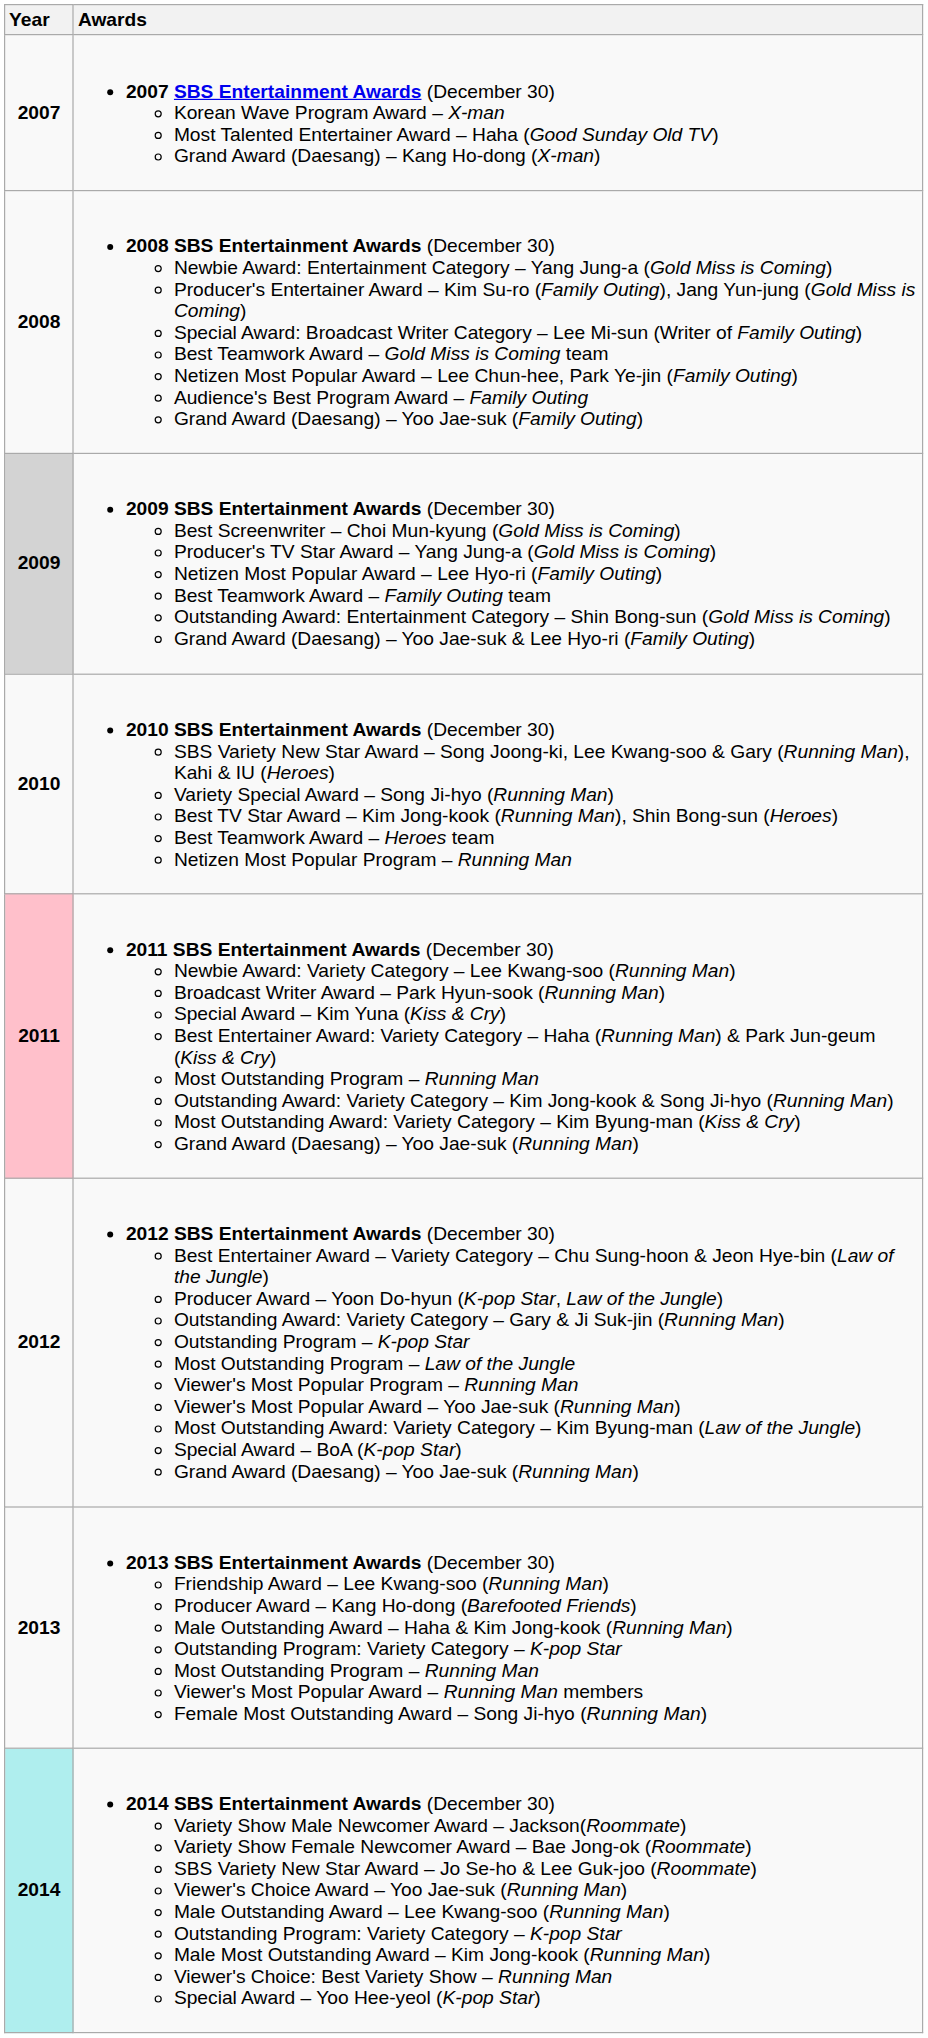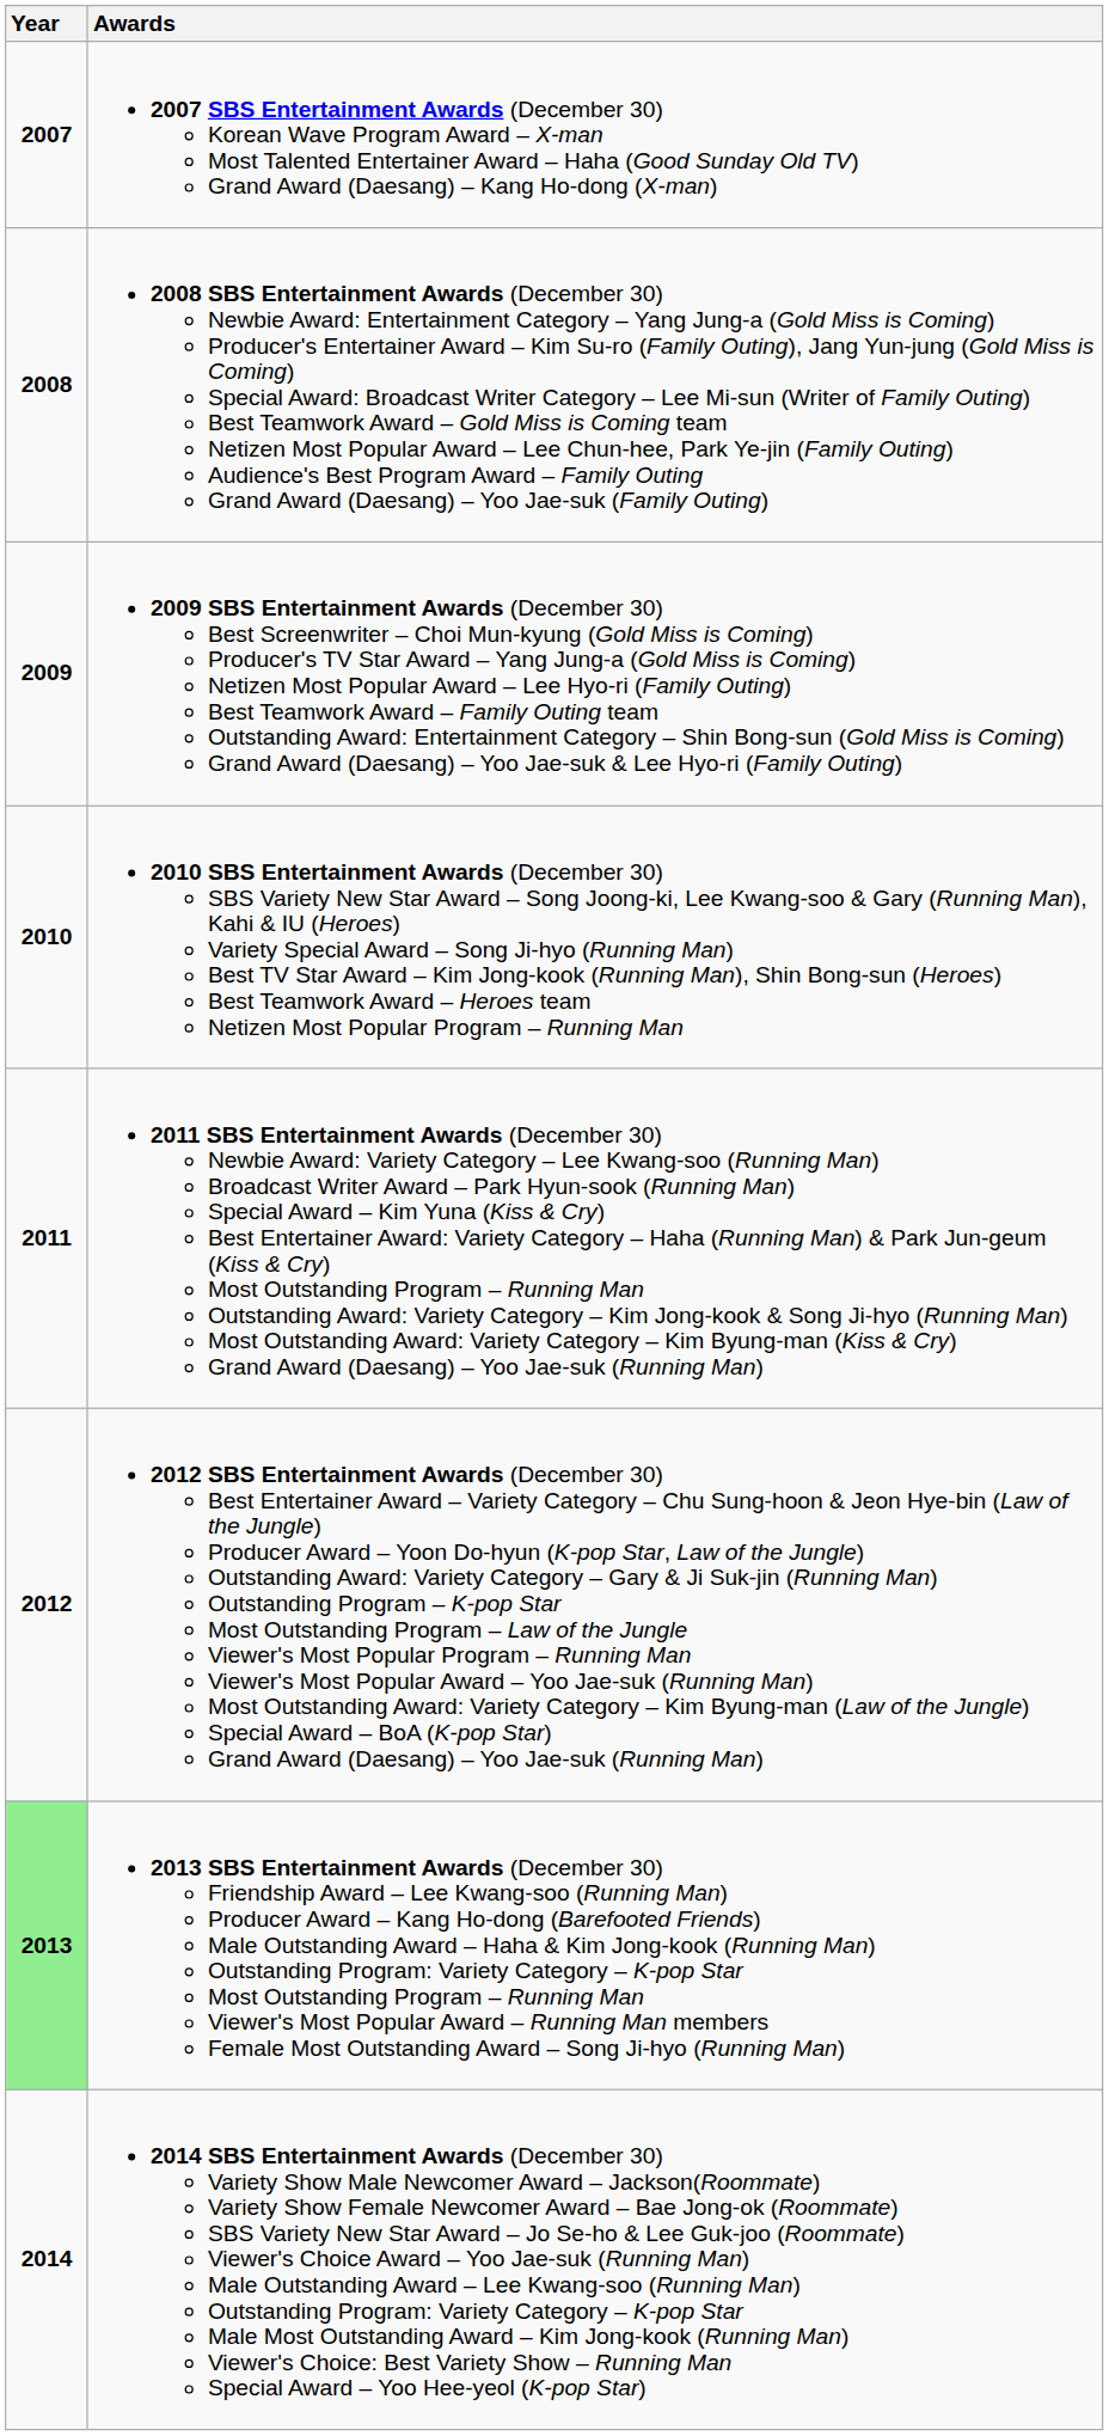 <table class="wikitable">
 <tr>
 <th style="text-align:left; width:50px;">Year</th>
 <th style="text-align:left; width:700px;">Awards</th>
 </tr>
 <tr>
 <td style="text-align:center;"><strong>2007</strong></td>
 <td align="left"><br><ul><li><strong>2007 <a href='#'>SBS Entertainment Awards</a></strong> (December 30)<ul><li>Korean Wave Program Award – <em>X-man</em></li><li>Most Talented Entertainer Award – Haha (<em>Good Sunday Old TV</em>)</li><li>Grand Award (Daesang) – Kang Ho-dong (<em>X-man</em>)</li></ul></li></ul></td>
 </tr>
 <tr>
 <td style="text-align:center;"><strong>2008</strong></td>
 <td align="left"><br><ul><li><strong>2008 SBS Entertainment Awards</strong> (December 30)<ul><li>Newbie Award: Entertainment Category – Yang Jung-a (<em>Gold Miss is Coming</em>)</li><li>Producer's Entertainer Award – Kim Su-ro (<em>Family Outing</em>), Jang Yun-jung (<em>Gold Miss is Coming</em>)</li><li>Special Award: Broadcast Writer Category – Lee Mi-sun (Writer of <em>Family Outing</em>)</li><li>Best Teamwork Award – <em>Gold Miss is Coming</em> team</li><li>Netizen Most Popular Award – Lee Chun-hee, Park Ye-jin (<em>Family Outing</em>)</li><li>Audience's Best Program Award – <em>Family Outing</em></li><li>Grand Award (Daesang) – Yoo Jae-suk (<em>Family Outing</em>)</li></ul></li></ul></td>
 </tr>
 <tr>
-<td style="background: lightgrey; text-align:center;"><strong>2009</strong></td>
+<td style="text-align:center;"><strong>2009</strong></td>
 <td align="left"><br><ul><li><strong>2009 SBS Entertainment Awards</strong> (December 30)<ul><li>Best Screenwriter – Choi Mun-kyung (<em>Gold Miss is Coming</em>)</li><li>Producer's TV Star Award – Yang Jung-a (<em>Gold Miss is Coming</em>)</li><li>Netizen Most Popular Award – Lee Hyo-ri (<em>Family Outing</em>)</li><li>Best Teamwork Award – <em>Family Outing</em> team</li><li>Outstanding Award: Entertainment Category – Shin Bong-sun (<em>Gold Miss is Coming</em>)</li><li>Grand Award (Daesang) – Yoo Jae-suk & Lee Hyo-ri (<em>Family Outing</em>)</li></ul></li></ul></td>
 </tr>
 <tr>
 <td style="text-align:center;"><strong>2010</strong></td>
 <td align="left"><br><ul><li><strong>2010 SBS Entertainment Awards</strong> (December 30)<ul><li>SBS Variety New Star Award – Song Joong-ki, Lee Kwang-soo & Gary (<em>Running Man</em>), Kahi & IU (<em>Heroes</em>)</li><li>Variety Special Award – Song Ji-hyo (<em>Running Man</em>)</li><li>Best TV Star Award – Kim Jong-kook (<em>Running Man</em>), Shin Bong-sun (<em>Heroes</em>)</li><li>Best Teamwork Award – <em>Heroes</em> team</li><li>Netizen Most Popular Program – <em>Running Man</em></li></ul></li></ul></td>
 </tr>
 <tr>
-<td style="background: pink; text-align:center;"><strong>2011</strong></td>
+<td style="text-align:center;"><strong>2011</strong></td>
 <td align="left"><br><ul><li><strong>2011 SBS Entertainment Awards</strong> (December 30)<ul><li>Newbie Award: Variety Category – Lee Kwang-soo (<em>Running Man</em>)</li><li>Broadcast Writer Award – Park Hyun-sook (<em>Running Man</em>)</li><li>Special Award – Kim Yuna (<em>Kiss & Cry</em>)</li><li>Best Entertainer Award: Variety Category – Haha (<em>Running Man</em>) & Park Jun-geum (<em>Kiss & Cry</em>)</li><li>Most Outstanding Program – <em>Running Man</em></li><li>Outstanding Award: Variety Category – Kim Jong-kook & Song Ji-hyo (<em>Running Man</em>)</li><li>Most Outstanding Award: Variety Category – Kim Byung-man (<em>Kiss & Cry</em>)</li><li>Grand Award (Daesang) – Yoo Jae-suk (<em>Running Man</em>)</li></ul></li></ul></td>
 </tr>
 <tr>
 <td style="text-align:center;"><strong>2012</strong></td>
 <td align="left"><br><ul><li><strong>2012 SBS Entertainment Awards</strong> (December 30)<ul><li>Best Entertainer Award – Variety Category – Chu Sung-hoon & Jeon Hye-bin (<em>Law of the Jungle</em>)</li><li>Producer Award – Yoon Do-hyun (<em>K-pop Star</em>, <em>Law of the Jungle</em>)</li><li>Outstanding Award: Variety Category – Gary & Ji Suk-jin (<em>Running Man</em>)</li><li>Outstanding Program – <em>K-pop Star</em></li><li>Most Outstanding Program – <em>Law of the Jungle</em></li><li>Viewer's Most Popular Program – <em>Running Man</em></li><li>Viewer's Most Popular Award – Yoo Jae-suk (<em>Running Man</em>)</li><li>Most Outstanding Award: Variety Category – Kim Byung-man (<em>Law of the Jungle</em>)</li><li>Special Award – BoA (<em>K-pop Star</em>)</li><li>Grand Award (Daesang) – Yoo Jae-suk (<em>Running Man</em>)</li></ul></li></ul></td>
 </tr>
 <tr>
-<td style="text-align:center;"><strong>2013</strong></td>
+<td style="background: lightgreen; text-align:center;"><strong>2013</strong></td>
 <td align="left"><br><ul><li><strong>2013 SBS Entertainment Awards</strong> (December 30)<ul><li>Friendship Award – Lee Kwang-soo (<em>Running Man</em>)</li><li>Producer Award – Kang Ho-dong (<em>Barefooted Friends</em>)</li><li>Male Outstanding Award – Haha & Kim Jong-kook (<em>Running Man</em>)</li><li>Outstanding Program: Variety Category – <em>K-pop Star</em></li><li>Most Outstanding Program – <em>Running Man</em></li><li>Viewer's Most Popular Award – <em>Running Man</em> members</li><li>Female Most Outstanding Award – Song Ji-hyo (<em>Running Man</em>)</li></ul></li></ul></td>
 </tr>
 <tr>
-<td style="background: paleturquoise; text-align:center;"><strong>2014</strong></td>
+<td style="text-align:center;"><strong>2014</strong></td>
 <td align="left"><br><ul><li><strong>2014 SBS Entertainment Awards</strong> (December 30)<ul><li>Variety Show Male Newcomer Award – Jackson(<em>Roommate</em>)</li><li>Variety Show Female Newcomer Award – Bae Jong-ok (<em>Roommate</em>)</li><li>SBS Variety New Star Award – Jo Se-ho & Lee Guk-joo  (<em>Roommate</em>)</li><li>Viewer's Choice Award – Yoo Jae-suk (<em>Running Man</em>)</li><li>Male Outstanding Award – Lee Kwang-soo (<em>Running Man</em>)</li><li>Outstanding Program: Variety Category – <em>K-pop Star</em></li><li>Male Most Outstanding Award – Kim Jong-kook (<em>Running Man</em>)</li><li>Viewer's Choice: Best Variety Show – <em>Running Man</em></li><li>Special Award – Yoo Hee-yeol (<em>K-pop Star</em>)</li></ul></li></ul></td>
 </tr>
 </table>
